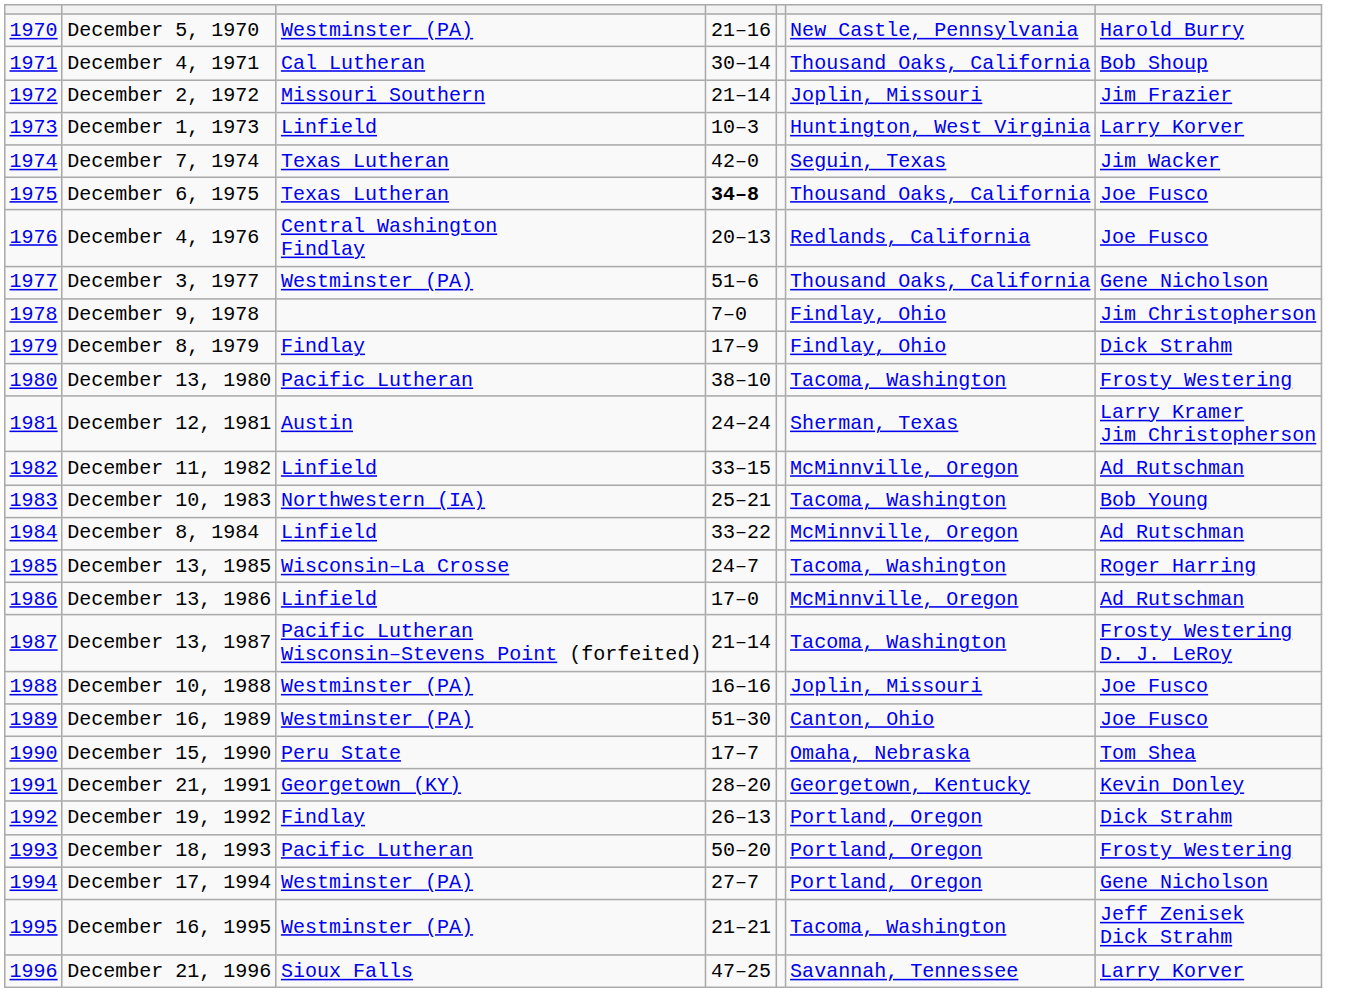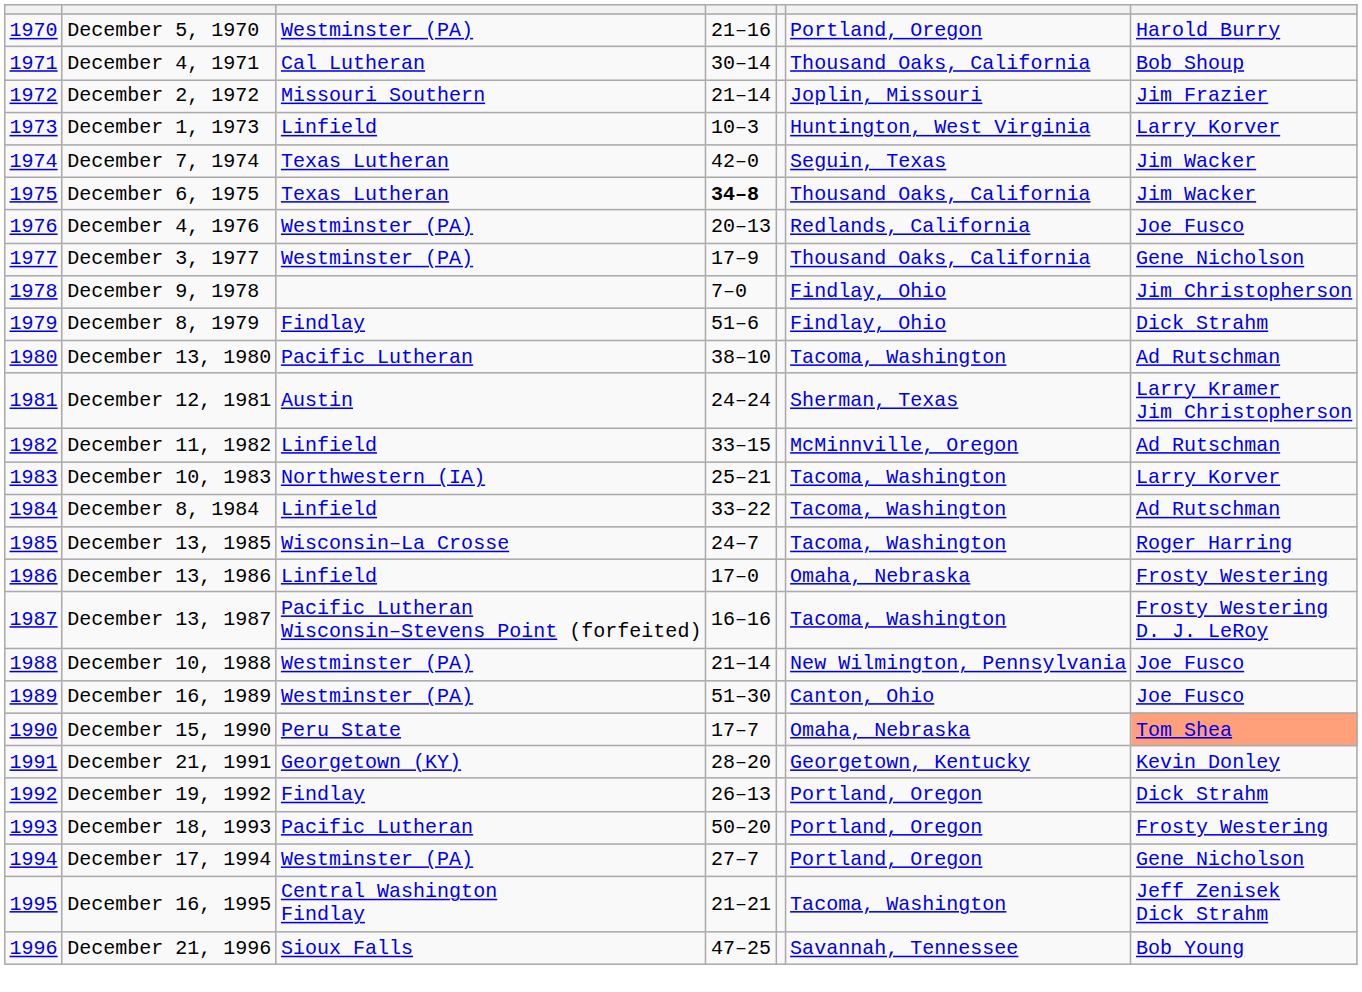 <table class="wikitable sortable">
 <tr>
 <th></th>
 <th></th>
 <th></th>
 <th></th>
 <th></th>
 <th></th>
 <th></th>
 </tr>
 <tr>
 <td><a href='#'>1970</a></td>
 <td>December 5, 1970</td>
 <td><a href='#'>Westminster (PA)</a></td>
 <td>21–16</td>
 <td></td>
-<td><a href='#'>New Castle, Pennsylvania</a></td>
+<td><a href='#'>Portland, Oregon</a></td>
 <td><a href='#'>Harold Burry</a></td>
 </tr>
 <tr>
 <td><a href='#'>1971</a></td>
 <td>December 4, 1971</td>
 <td><a href='#'>Cal Lutheran</a></td>
 <td>30–14</td>
 <td></td>
 <td><a href='#'>Thousand Oaks, California</a></td>
 <td><a href='#'>Bob Shoup</a></td>
 </tr>
 <tr>
 <td><a href='#'>1972</a></td>
 <td>December 2, 1972</td>
 <td><a href='#'>Missouri Southern</a></td>
 <td>21–14</td>
 <td></td>
 <td><a href='#'>Joplin, Missouri</a></td>
 <td><a href='#'>Jim Frazier</a></td>
 </tr>
 <tr>
 <td><a href='#'>1973</a></td>
 <td>December 1, 1973</td>
 <td><a href='#'>Linfield</a></td>
 <td>10–3</td>
 <td></td>
 <td><a href='#'>Huntington, West Virginia</a></td>
 <td><a href='#'>Larry Korver</a></td>
 </tr>
 <tr>
 <td><a href='#'>1974</a></td>
 <td>December 7, 1974</td>
 <td><a href='#'>Texas Lutheran</a></td>
 <td>42–0</td>
 <td></td>
 <td><a href='#'>Seguin, Texas</a></td>
 <td><a href='#'>Jim Wacker</a></td>
 </tr>
 <tr>
 <td><a href='#'>1975</a></td>
 <td>December 6, 1975</td>
 <td><a href='#'>Texas Lutheran</a></td>
 <td><strong>34–8</strong></td>
 <td></td>
 <td><a href='#'>Thousand Oaks, California</a></td>
-<td><a href='#'>Joe Fusco</a></td>
+<td><a href='#'>Jim Wacker</a></td>
 </tr>
 <tr>
 <td><a href='#'>1976</a></td>
 <td>December 4, 1976</td>
-<td><a href='#'>Central Washington</a><br><a href='#'>Findlay</a></td>
+<td><a href='#'>Westminster (PA)</a></td>
 <td>20–13</td>
 <td></td>
 <td><a href='#'>Redlands, California</a></td>
 <td><a href='#'>Joe Fusco</a></td>
 </tr>
 <tr>
 <td><a href='#'>1977</a></td>
 <td>December 3, 1977</td>
 <td><a href='#'>Westminster (PA)</a></td>
-<td>51–6</td>
+<td>17–9</td>
 <td></td>
 <td><a href='#'>Thousand Oaks, California</a></td>
 <td><a href='#'>Gene Nicholson</a></td>
 </tr>
 <tr>
 <td><a href='#'>1978</a></td>
 <td>December 9, 1978</td>
 <td></td>
 <td>7–0</td>
 <td></td>
 <td><a href='#'>Findlay, Ohio</a></td>
 <td><a href='#'>Jim Christopherson</a></td>
 </tr>
 <tr>
 <td><a href='#'>1979</a></td>
 <td>December 8, 1979</td>
 <td><a href='#'>Findlay</a></td>
-<td>17–9</td>
+<td>51–6</td>
 <td></td>
 <td><a href='#'>Findlay, Ohio</a></td>
 <td><a href='#'>Dick Strahm</a></td>
 </tr>
 <tr>
 <td><a href='#'>1980</a></td>
 <td>December 13, 1980</td>
 <td><a href='#'>Pacific Lutheran</a></td>
 <td>38–10</td>
 <td></td>
 <td><a href='#'>Tacoma, Washington</a></td>
-<td><a href='#'>Frosty Westering</a></td>
+<td><a href='#'>Ad Rutschman</a></td>
 </tr>
 <tr>
 <td><a href='#'>1981</a></td>
 <td>December 12, 1981</td>
 <td><a href='#'>Austin</a><br></td>
 <td>24–24</td>
 <td></td>
 <td><a href='#'>Sherman, Texas</a></td>
 <td><a href='#'>Larry Kramer</a><br><a href='#'>Jim Christopherson</a></td>
 </tr>
 <tr>
 <td><a href='#'>1982</a></td>
 <td>December 11, 1982</td>
 <td><a href='#'>Linfield</a></td>
 <td>33–15</td>
 <td></td>
 <td><a href='#'>McMinnville, Oregon</a></td>
 <td><a href='#'>Ad Rutschman</a></td>
 </tr>
 <tr>
 <td><a href='#'>1983</a></td>
 <td>December 10, 1983</td>
 <td><a href='#'>Northwestern (IA)</a></td>
 <td>25–21</td>
 <td></td>
 <td><a href='#'>Tacoma, Washington</a></td>
-<td><a href='#'>Bob Young</a></td>
+<td><a href='#'>Larry Korver</a></td>
 </tr>
 <tr>
 <td><a href='#'>1984</a></td>
 <td>December 8, 1984</td>
 <td><a href='#'>Linfield</a></td>
 <td>33–22</td>
 <td></td>
-<td><a href='#'>McMinnville, Oregon</a></td>
+<td><a href='#'>Tacoma, Washington</a></td>
 <td><a href='#'>Ad Rutschman</a></td>
 </tr>
 <tr>
 <td><a href='#'>1985</a></td>
 <td>December 13, 1985</td>
 <td><a href='#'>Wisconsin–La Crosse</a></td>
 <td>24–7</td>
 <td></td>
 <td><a href='#'>Tacoma, Washington</a></td>
 <td><a href='#'>Roger Harring</a></td>
 </tr>
 <tr>
 <td><a href='#'>1986</a></td>
 <td>December 13, 1986</td>
 <td><a href='#'>Linfield</a></td>
 <td>17–0</td>
 <td></td>
-<td><a href='#'>McMinnville, Oregon</a></td>
-<td><a href='#'>Ad Rutschman</a></td>
+<td><a href='#'>Omaha, Nebraska</a></td>
+<td><a href='#'>Frosty Westering</a></td>
 </tr>
 <tr>
 <td><a href='#'>1987</a></td>
 <td>December 13, 1987</td>
 <td><a href='#'>Pacific Lutheran</a><br><a href='#'>Wisconsin–Stevens Point</a> (forfeited)</td>
-<td>21–14</td>
+<td>16–16</td>
 <td></td>
 <td><a href='#'>Tacoma, Washington</a></td>
 <td><a href='#'>Frosty Westering</a><br><a href='#'>D. J. LeRoy</a></td>
 </tr>
 <tr>
 <td><a href='#'>1988</a></td>
 <td>December 10, 1988</td>
 <td><a href='#'>Westminster (PA)</a></td>
-<td>16–16</td>
+<td>21–14</td>
 <td></td>
-<td><a href='#'>Joplin, Missouri</a></td>
+<td><a href='#'>New Wilmington, Pennsylvania</a></td>
 <td><a href='#'>Joe Fusco</a></td>
 </tr>
 <tr>
 <td><a href='#'>1989</a></td>
 <td>December 16, 1989</td>
 <td><a href='#'>Westminster (PA)</a></td>
 <td>51–30</td>
 <td></td>
 <td><a href='#'>Canton, Ohio</a></td>
 <td><a href='#'>Joe Fusco</a></td>
 </tr>
 <tr>
 <td><a href='#'>1990</a></td>
 <td>December 15, 1990</td>
 <td><a href='#'>Peru State</a></td>
 <td>17–7</td>
 <td></td>
 <td><a href='#'>Omaha, Nebraska</a></td>
-<td><a href='#'>Tom Shea</a></td>
+<td style="background: lightsalmon;"><a href='#'>Tom Shea</a></td>
 </tr>
 <tr>
 <td><a href='#'>1991</a></td>
 <td>December 21, 1991</td>
 <td><a href='#'>Georgetown (KY)</a></td>
 <td>28–20</td>
 <td></td>
 <td><a href='#'>Georgetown, Kentucky</a></td>
 <td><a href='#'>Kevin Donley</a></td>
 </tr>
 <tr>
 <td><a href='#'>1992</a></td>
 <td>December 19, 1992</td>
 <td><a href='#'>Findlay</a></td>
 <td>26–13</td>
 <td></td>
 <td><a href='#'>Portland, Oregon</a></td>
 <td><a href='#'>Dick Strahm</a></td>
 </tr>
 <tr>
 <td><a href='#'>1993</a></td>
 <td>December 18, 1993</td>
 <td><a href='#'>Pacific Lutheran</a></td>
 <td>50–20</td>
 <td></td>
 <td><a href='#'>Portland, Oregon</a></td>
 <td><a href='#'>Frosty Westering</a></td>
 </tr>
 <tr>
 <td><a href='#'>1994</a></td>
 <td>December 17, 1994</td>
 <td><a href='#'>Westminster (PA)</a></td>
 <td>27–7</td>
 <td></td>
 <td><a href='#'>Portland, Oregon</a></td>
 <td><a href='#'>Gene Nicholson</a></td>
 </tr>
 <tr>
 <td><a href='#'>1995</a></td>
 <td>December 16, 1995</td>
-<td><a href='#'>Westminster (PA)</a></td>
+<td><a href='#'>Central Washington</a><br><a href='#'>Findlay</a></td>
 <td>21–21</td>
 <td></td>
 <td><a href='#'>Tacoma, Washington</a></td>
 <td><a href='#'>Jeff Zenisek</a><br><a href='#'>Dick Strahm</a></td>
 </tr>
 <tr>
 <td><a href='#'>1996</a></td>
 <td>December 21, 1996</td>
 <td><a href='#'>Sioux Falls</a></td>
 <td>47–25</td>
 <td></td>
 <td><a href='#'>Savannah, Tennessee</a></td>
-<td><a href='#'>Larry Korver</a></td>
+<td><a href='#'>Bob Young</a></td>
 </tr>
 </table>
